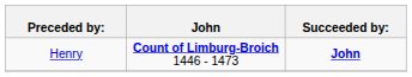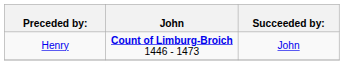 <table class="wikitable" style="margin:1em auto;">
 <tr align="center">
 <th width=150px><br>Preceded by:</th>
 <th width=200px><br>John</th>
 <th width=150px><br>Succeeded by:</th>
 </tr>
 <tr align="center">
 <td><a href='#'>Henry</a></td>
 <td><strong><a href='#'>Count of Limburg-Broich</a></strong><br>1446 - 1473</td>
-<td><strong><a href='#'>John</a></strong></td>
+<td><a href='#'>John</a></td>
 </tr>
 <tr>
 </tr>
 </table>
